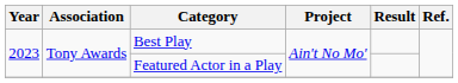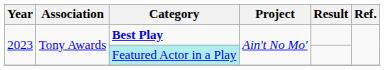 <table class="wikitable">
 <tr>
 <th>Year</th>
 <th>Association</th>
 <th>Category</th>
 <th>Project</th>
 <th>Result</th>
 <th>Ref.</th>
 </tr>
 <tr>
 <td rowspan="2"><a href='#'>2023</a></td>
 <td rowspan=2><a href='#'>Tony Awards</a></td>
-<td><a href='#'>Best Play</a></td>
+<td><strong><a href='#'>Best Play</a></strong></td>
 <td rowspan=2><em><a href='#'>Ain't No Mo'</a></em></td>
 <td></td>
 <td rowspan=2></td>
 </tr>
 <tr>
-<td><a href='#'>Featured Actor in a Play</a></td>
+<td style="background: paleturquoise;"><a href='#'>Featured Actor in a Play</a></td>
 <td></td>
 </tr>
 <tr>
 </tr>
 </table>
